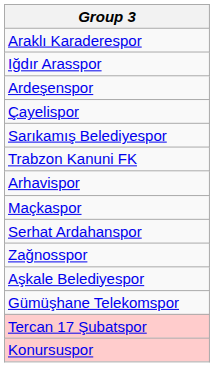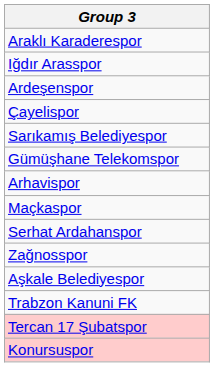 <table class="wikitable collapsible collapsed" style="font-size:95%;">
 <tr>
 <th colspan="1" width="200"><em>Group 3</em></th>
 </tr>
 <tr>
 <td><a href='#'>Araklı Karaderespor</a></td>
 </tr>
 <tr>
 <td><a href='#'>Iğdır Arasspor</a></td>
 </tr>
 <tr>
 <td><a href='#'>Ardeşenspor</a></td>
 </tr>
 <tr>
 <td><a href='#'>Çayelispor</a></td>
 </tr>
 <tr>
 <td><a href='#'>Sarıkamış Belediyespor</a></td>
 </tr>
 <tr>
-<td><a href='#'>Trabzon Kanuni FK</a></td>
+<td><a href='#'>Gümüşhane Telekomspor</a></td>
 </tr>
 <tr>
 <td><a href='#'>Arhavispor</a></td>
 </tr>
 <tr>
 <td><a href='#'>Maçkaspor</a></td>
 </tr>
 <tr>
 <td><a href='#'>Serhat Ardahanspor</a></td>
 </tr>
 <tr>
 <td><a href='#'>Zağnosspor</a></td>
 </tr>
 <tr>
 <td><a href='#'>Aşkale Belediyespor</a></td>
 </tr>
 <tr>
-<td><a href='#'>Gümüşhane Telekomspor</a></td>
+<td><a href='#'>Trabzon Kanuni FK</a></td>
 </tr>
 <tr>
 <td style="background:#fcc;"><a href='#'>Tercan 17 Şubatspor</a></td>
 </tr>
 <tr>
 <td style="background:#fcc;"><a href='#'>Konursuspor</a></td>
 </tr>
 </table>
